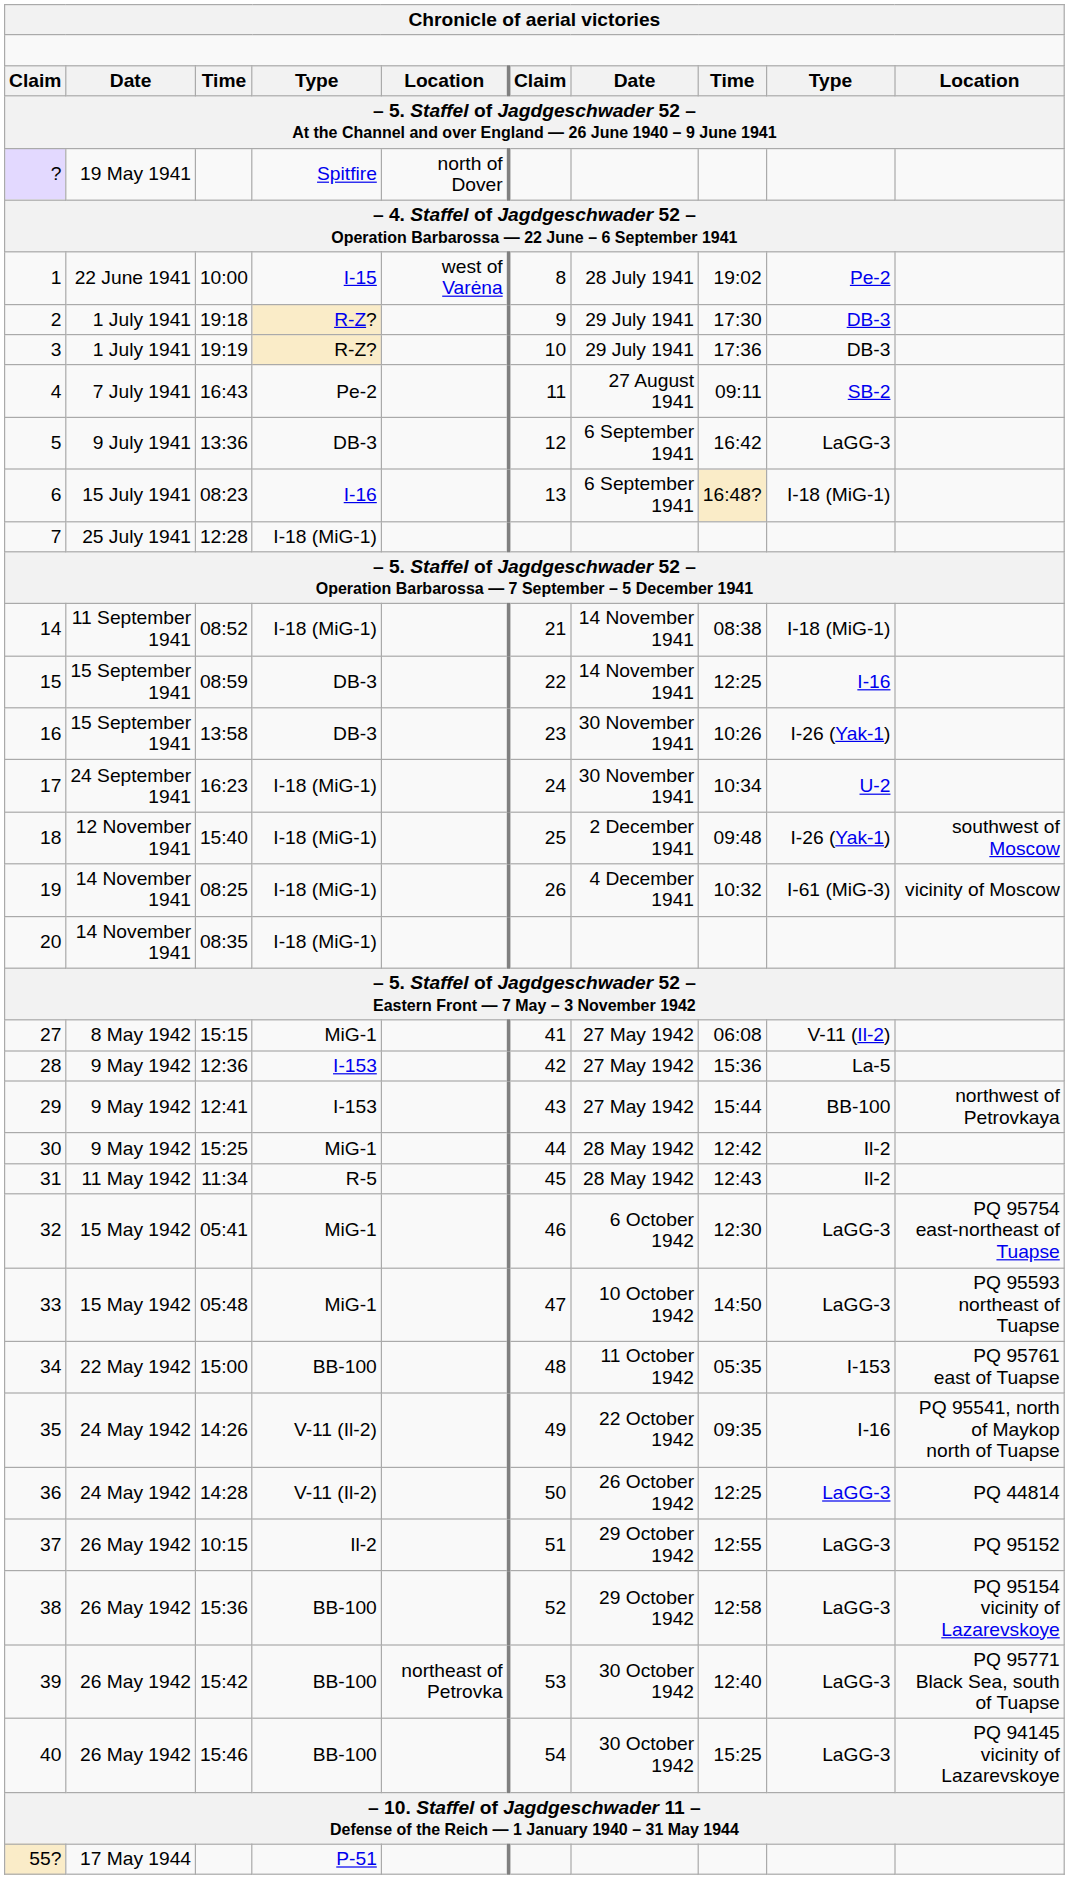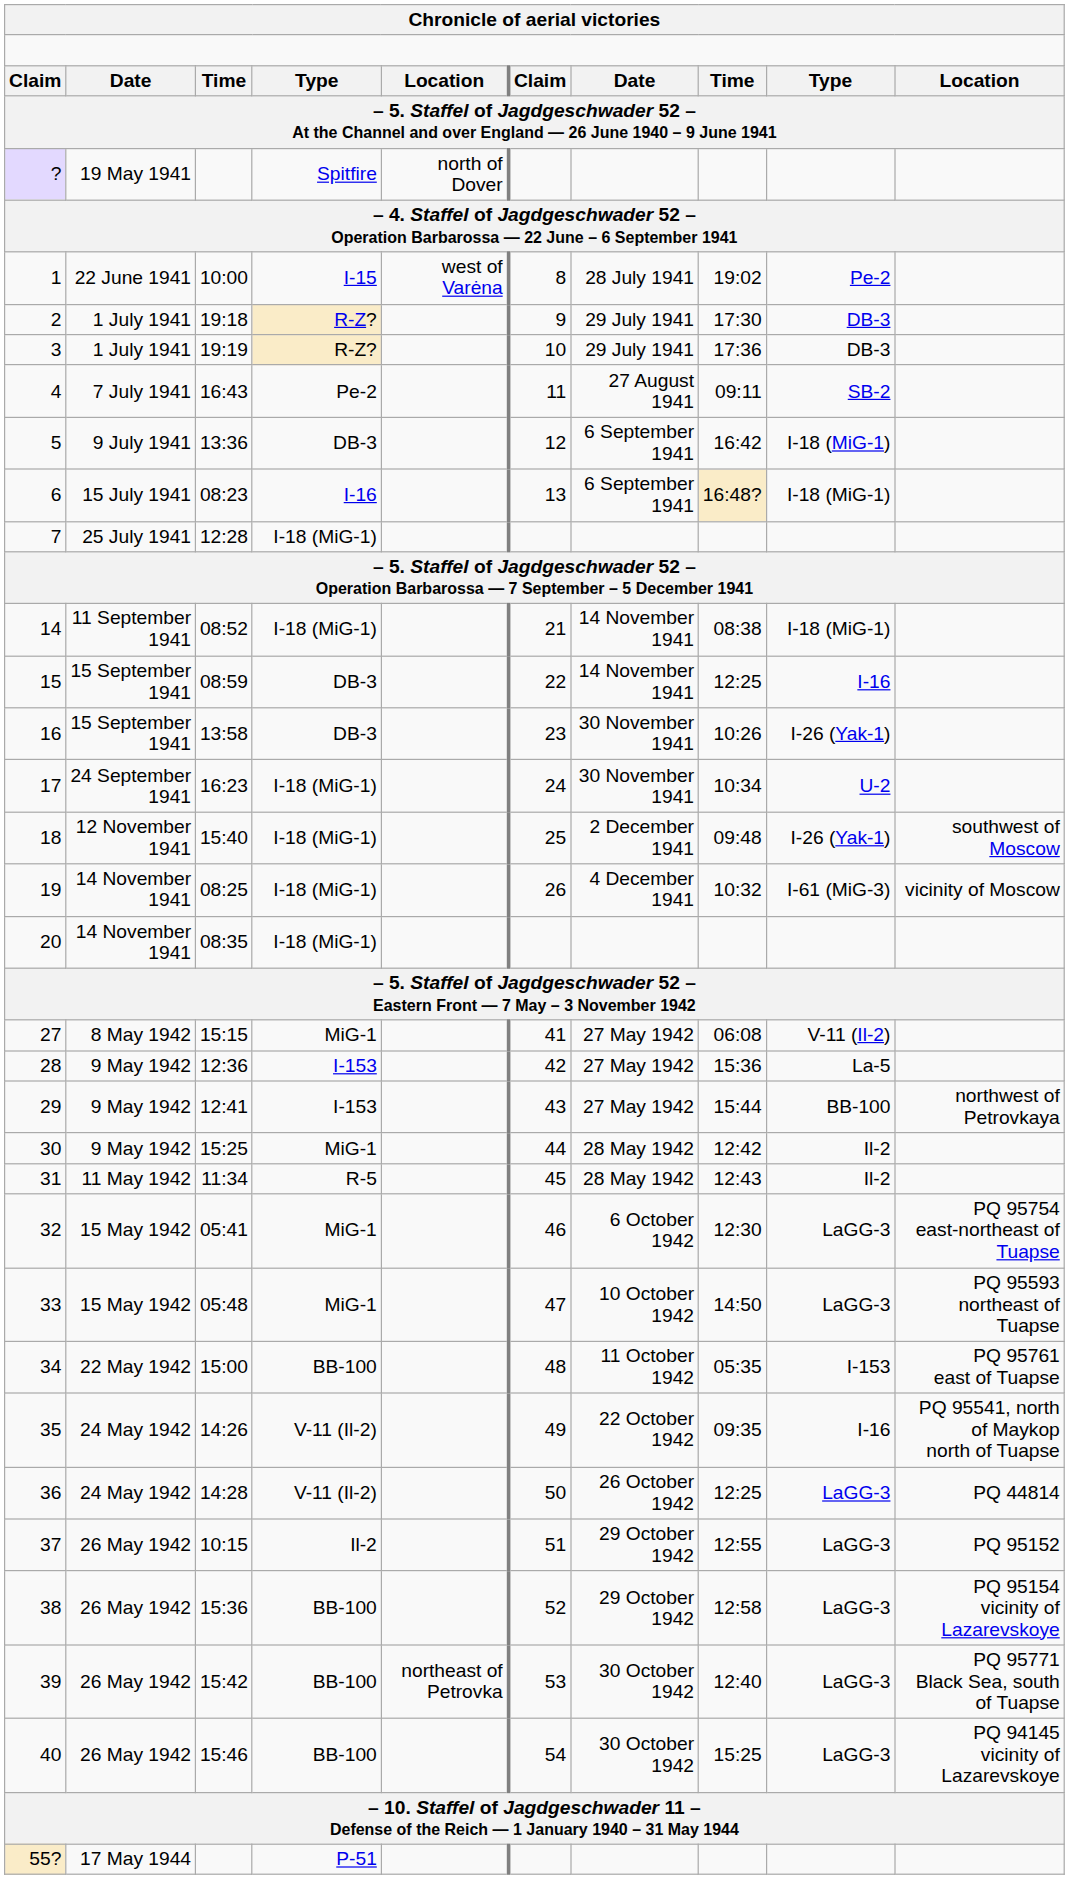 <table class="wikitable plainrowheaders collapsible" style="margin-left: auto; margin-right: auto; border: none; text-align:right; width: 100%;">
 <tr>
 <th colspan="10">Chronicle of aerial victories</th>
 </tr>
 <tr>
 <td colspan="10" style="text-align: left;"><br> </td>
 </tr>
 <tr>
 <th scope="col">Claim</th>
 <th scope="col">Date</th>
 <th scope="col">Time</th>
 <th scope="col" width="100px">Type</th>
 <th scope="col">Location</th>
 <th scope="col" style="border-left: 3px solid grey;">Claim</th>
 <th scope="col">Date</th>
 <th scope="col">Time</th>
 <th scope="col" width="100px">Type</th>
 <th scope="col">Location</th>
 </tr>
 <tr>
 <th colspan="10">– 5. <em>Staffel</em> of <em>Jagdgeschwader</em> 52 –<br><small>At the Channel and over England — 26 June 1940 – 9 June 1941</small></th>
 </tr>
 <tr>
 <td style="background:#e3d9ff;">?</td>
 <td>19 May 1941</td>
 <td></td>
 <td><a href='#'>Spitfire</a></td>
 <td>north of Dover</td>
 <td style="border-left: 3px solid grey;"></td>
 <td></td>
 <td></td>
 <td></td>
 <td></td>
 </tr>
 <tr>
 <th colspan="10">– 4. <em>Staffel</em> of <em>Jagdgeschwader</em> 52 –<br><small>Operation Barbarossa — 22 June – 6 September 1941</small></th>
 </tr>
 <tr>
 <td>1</td>
 <td>22 June 1941</td>
 <td>10:00</td>
 <td><a href='#'>I-15</a></td>
 <td>west of <a href='#'>Varėna</a></td>
 <td style="border-left: 3px solid grey;">8</td>
 <td>28 July 1941</td>
 <td>19:02</td>
 <td><a href='#'>Pe-2</a></td>
 <td></td>
 </tr>
 <tr>
 <td>2</td>
 <td>1 July 1941</td>
 <td>19:18</td>
 <td style="background:#faecc8"><a href='#'>R-Z</a>?</td>
 <td></td>
 <td style="border-left: 3px solid grey;">9</td>
 <td>29 July 1941</td>
 <td>17:30</td>
 <td><a href='#'>DB-3</a></td>
 <td></td>
 </tr>
 <tr>
 <td>3</td>
 <td>1 July 1941</td>
 <td>19:19</td>
 <td style="background:#faecc8">R-Z?</td>
 <td></td>
 <td style="border-left: 3px solid grey;">10</td>
 <td>29 July 1941</td>
 <td>17:36</td>
 <td>DB-3</td>
 <td></td>
 </tr>
 <tr>
 <td>4</td>
 <td>7 July 1941</td>
 <td>16:43</td>
 <td>Pe-2</td>
 <td></td>
 <td style="border-left: 3px solid grey;">11</td>
 <td>27 August 1941</td>
 <td>09:11</td>
 <td><a href='#'>SB-2</a></td>
 <td></td>
 </tr>
 <tr>
 <td>5</td>
 <td>9 July 1941</td>
 <td>13:36</td>
 <td>DB-3</td>
 <td></td>
 <td style="border-left: 3px solid grey;">12</td>
 <td>6 September 1941</td>
 <td>16:42</td>
-<td>LaGG-3</td>
+<td>I-18 (<a href='#'>MiG-1</a>)</td>
 <td></td>
 </tr>
 <tr>
 <td>6</td>
 <td>15 July 1941</td>
 <td>08:23</td>
 <td><a href='#'>I-16</a></td>
 <td></td>
 <td style="border-left: 3px solid grey;">13</td>
 <td>6 September 1941</td>
 <td style="background:#faecc8">16:48?</td>
 <td>I-18 (MiG-1)</td>
 <td></td>
 </tr>
 <tr>
 <td>7</td>
 <td>25 July 1941</td>
 <td>12:28</td>
 <td>I-18 (MiG-1)</td>
 <td></td>
 <td style="border-left: 3px solid grey;"></td>
 <td></td>
 <td></td>
 <td></td>
 <td></td>
 </tr>
 <tr>
 <th colspan="10">– 5. <em>Staffel</em> of <em>Jagdgeschwader</em> 52 –<br><small>Operation Barbarossa — 7 September – 5 December 1941</small></th>
 </tr>
 <tr>
 <td>14</td>
 <td>11 September 1941</td>
 <td>08:52</td>
 <td>I-18 (MiG-1)</td>
 <td></td>
 <td style="border-left: 3px solid grey;">21</td>
 <td>14 November 1941</td>
 <td>08:38</td>
 <td>I-18 (MiG-1)</td>
 <td></td>
 </tr>
 <tr>
 <td>15</td>
 <td>15 September 1941</td>
 <td>08:59</td>
 <td>DB-3</td>
 <td></td>
 <td style="border-left: 3px solid grey;">22</td>
 <td>14 November 1941</td>
 <td>12:25</td>
 <td><a href='#'>I-16</a></td>
 <td></td>
 </tr>
 <tr>
 <td>16</td>
 <td>15 September 1941</td>
 <td>13:58</td>
 <td>DB-3</td>
 <td></td>
 <td style="border-left: 3px solid grey;">23</td>
 <td>30 November 1941</td>
 <td>10:26</td>
 <td>I-26 (<a href='#'>Yak-1</a>)</td>
 <td></td>
 </tr>
 <tr>
 <td>17</td>
 <td>24 September 1941</td>
 <td>16:23</td>
 <td>I-18 (MiG-1)</td>
 <td></td>
 <td style="border-left: 3px solid grey;">24</td>
 <td>30 November 1941</td>
 <td>10:34</td>
 <td><a href='#'>U-2</a></td>
 <td></td>
 </tr>
 <tr>
 <td>18</td>
 <td>12 November 1941</td>
 <td>15:40</td>
 <td>I-18 (MiG-1)</td>
 <td></td>
 <td style="border-left: 3px solid grey;">25</td>
 <td>2 December 1941</td>
 <td>09:48</td>
 <td>I-26 (<a href='#'>Yak-1</a>)</td>
 <td> southwest of <a href='#'>Moscow</a></td>
 </tr>
 <tr>
 <td>19</td>
 <td>14 November 1941</td>
 <td>08:25</td>
 <td>I-18 (MiG-1)</td>
 <td></td>
 <td style="border-left: 3px solid grey;">26</td>
 <td>4 December 1941</td>
 <td>10:32</td>
 <td>I-61 (MiG-3)</td>
 <td>vicinity of Moscow</td>
 </tr>
 <tr>
 <td>20</td>
 <td>14 November 1941</td>
 <td>08:35</td>
 <td>I-18 (MiG-1)</td>
 <td></td>
 <td style="border-left: 3px solid grey;"></td>
 <td></td>
 <td></td>
 <td></td>
 <td></td>
 </tr>
 <tr>
 <th colspan="10">– 5. <em>Staffel</em> of <em>Jagdgeschwader</em> 52 –<br><small>Eastern Front — 7 May – 3 November 1942</small></th>
 </tr>
 <tr>
 <td>27</td>
 <td>8 May 1942</td>
 <td>15:15</td>
 <td>MiG-1</td>
 <td></td>
 <td style="border-left: 3px solid grey;">41</td>
 <td>27 May 1942</td>
 <td>06:08</td>
 <td>V-11 (<a href='#'>Il-2</a>)</td>
 <td></td>
 </tr>
 <tr>
 <td>28</td>
 <td>9 May 1942</td>
 <td>12:36</td>
 <td><a href='#'>I-153</a></td>
 <td></td>
 <td style="border-left: 3px solid grey;">42</td>
 <td>27 May 1942</td>
 <td>15:36</td>
 <td>La-5</td>
 <td></td>
 </tr>
 <tr>
 <td>29</td>
 <td>9 May 1942</td>
 <td>12:41</td>
 <td>I-153</td>
 <td></td>
 <td style="border-left: 3px solid grey;">43</td>
 <td>27 May 1942</td>
 <td>15:44</td>
 <td>BB-100</td>
 <td> northwest of Petrovkaya</td>
 </tr>
 <tr>
 <td>30</td>
 <td>9 May 1942</td>
 <td>15:25</td>
 <td>MiG-1</td>
 <td></td>
 <td style="border-left: 3px solid grey;">44</td>
 <td>28 May 1942</td>
 <td>12:42</td>
 <td>Il-2</td>
 <td></td>
 </tr>
 <tr>
 <td>31</td>
 <td>11 May 1942</td>
 <td>11:34</td>
 <td>R-5</td>
 <td></td>
 <td style="border-left: 3px solid grey;">45</td>
 <td>28 May 1942</td>
 <td>12:43</td>
 <td>Il-2</td>
 <td></td>
 </tr>
 <tr>
 <td>32</td>
 <td>15 May 1942</td>
 <td>05:41</td>
 <td>MiG-1</td>
 <td></td>
 <td style="border-left: 3px solid grey;">46</td>
 <td>6 October 1942</td>
 <td>12:30</td>
 <td>LaGG-3</td>
 <td>PQ 95754<br> east-northeast of <a href='#'>Tuapse</a></td>
 </tr>
 <tr>
 <td>33</td>
 <td>15 May 1942</td>
 <td>05:48</td>
 <td>MiG-1</td>
 <td></td>
 <td style="border-left: 3px solid grey;">47</td>
 <td>10 October 1942</td>
 <td>14:50</td>
 <td>LaGG-3</td>
 <td>PQ 95593<br> northeast of Tuapse</td>
 </tr>
 <tr>
 <td>34</td>
 <td>22 May 1942</td>
 <td>15:00</td>
 <td>BB-100</td>
 <td></td>
 <td style="border-left: 3px solid grey;">48</td>
 <td>11 October 1942</td>
 <td>05:35</td>
 <td>I-153</td>
 <td>PQ 95761<br> east of Tuapse</td>
 </tr>
 <tr>
 <td>35</td>
 <td>24 May 1942</td>
 <td>14:26</td>
 <td>V-11 (Il-2)</td>
 <td></td>
 <td style="border-left: 3px solid grey;">49</td>
 <td>22 October 1942</td>
 <td>09:35</td>
 <td>I-16</td>
 <td>PQ 95541, north of Maykop<br> north of Tuapse</td>
 </tr>
 <tr>
 <td>36</td>
 <td>24 May 1942</td>
 <td>14:28</td>
 <td>V-11 (Il-2)</td>
 <td></td>
 <td style="border-left: 3px solid grey;">50</td>
 <td>26 October 1942</td>
 <td>12:25</td>
 <td><a href='#'>LaGG-3</a></td>
 <td>PQ 44814</td>
 </tr>
 <tr>
 <td>37</td>
 <td>26 May 1942</td>
 <td>10:15</td>
 <td>Il-2</td>
 <td></td>
 <td style="border-left: 3px solid grey;">51</td>
 <td>29 October 1942</td>
 <td>12:55</td>
 <td>LaGG-3</td>
 <td>PQ 95152</td>
 </tr>
 <tr>
 <td>38</td>
 <td>26 May 1942</td>
 <td>15:36</td>
 <td>BB-100</td>
 <td></td>
 <td style="border-left: 3px solid grey;">52</td>
 <td>29 October 1942</td>
 <td>12:58</td>
 <td>LaGG-3</td>
 <td>PQ 95154<br>vicinity of <a href='#'>Lazarevskoye</a></td>
 </tr>
 <tr>
 <td>39</td>
 <td>26 May 1942</td>
 <td>15:42</td>
 <td>BB-100</td>
 <td> northeast of Petrovka</td>
 <td style="border-left: 3px solid grey;">53</td>
 <td>30 October 1942</td>
 <td>12:40</td>
 <td>LaGG-3</td>
 <td>PQ 95771<br>Black Sea,  south of Tuapse</td>
 </tr>
 <tr>
 <td>40</td>
 <td>26 May 1942</td>
 <td>15:46</td>
 <td>BB-100</td>
 <td></td>
 <td style="border-left: 3px solid grey;">54</td>
 <td>30 October 1942</td>
 <td>15:25</td>
 <td>LaGG-3</td>
 <td>PQ 94145<br>vicinity of Lazarevskoye</td>
 </tr>
 <tr>
 <th colspan="10">– 10. <em>Staffel</em> of <em>Jagdgeschwader</em> 11 –<br><small>Defense of the Reich — 1 January 1940 – 31 May 1944</small></th>
 </tr>
 <tr>
 <td style="background:#faecc8">55?</td>
 <td>17 May 1944</td>
 <td></td>
 <td><a href='#'>P-51</a></td>
 <td></td>
 <td style="border-left: 3px solid grey;"></td>
 <td></td>
 <td></td>
 <td></td>
 <td></td>
 </tr>
 </table>
